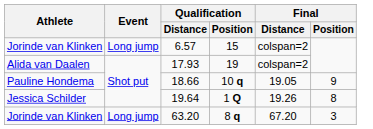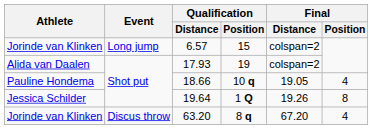 <table class="wikitable" style="font-size:90%">
 <tr>
 <th rowspan="2">Athlete</th>
 <th rowspan="2">Event</th>
 <th colspan="2">Qualification</th>
 <th colspan="2">Final</th>
 </tr>
 <tr style="font-size:95%">
 <th>Distance</th>
 <th>Position</th>
 <th>Distance</th>
 <th>Position</th>
 </tr>
 <tr align="center">
 <td align=left><a href='#'>Jorinde van Klinken</a></td>
 <td align=left><a href='#'>Long jump</a></td>
 <td>6.57</td>
 <td>15</td>
 <td>colspan=2 </td>
 </tr>
 <tr align="center">
 <td align=left><a href='#'>Alida van Daalen</a></td>
 <td align=left rowspan=3><a href='#'>Shot put</a></td>
 <td>17.93</td>
 <td>19</td>
 <td>colspan=2 </td>
 </tr>
 <tr align="center">
 <td align=left><a href='#'>Pauline Hondema</a></td>
 <td>18.66</td>
 <td>10 <strong>q</strong></td>
 <td>19.05</td>
-<td>9</td>
+<td>4</td>
 </tr>
 <tr align="center">
 <td align=left><a href='#'>Jessica Schilder</a></td>
 <td>19.64 </td>
 <td>1 <strong>Q</strong></td>
 <td>19.26</td>
 <td>8</td>
 </tr>
 <tr align="center">
 <td align=left><a href='#'>Jorinde van Klinken</a></td>
-<td align=left><a href='#'>Long jump</a></td>
+<td align=left><a href='#'>Discus throw</a></td>
 <td>63.20</td>
 <td>8 <strong>q</strong></td>
 <td>67.20 </td>
-<td>3</td>
+<td>4</td>
 </tr>
 </table>
